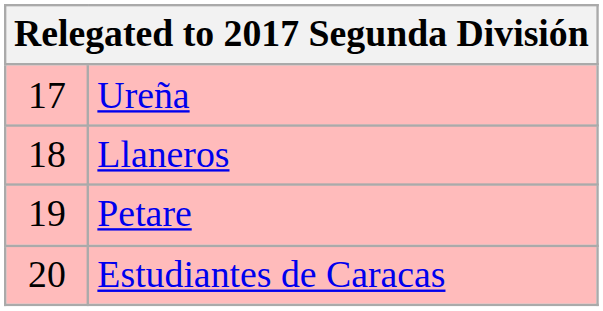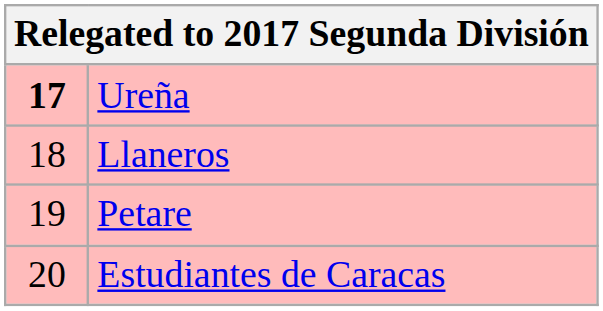 <table class="wikitable">
 <tr>
 <th colspan=2>Relegated to 2017 Segunda División</th>
 </tr>
 <tr bgcolor=#FFBBBB>
-<td width=28 align=center>17</td>
+<td width=28 align=center><strong>17</strong></td>
 <td><a href='#'>Ureña</a></td>
 </tr>
 <tr bgcolor=#FFBBBB>
 <td width=28 align=center>18</td>
 <td><a href='#'>Llaneros</a></td>
 </tr>
 <tr bgcolor=#FFBBBB>
 <td width=28 align=center>19</td>
 <td><a href='#'>Petare</a></td>
 </tr>
 <tr bgcolor=#FFBBBB>
 <td width=28 align=center>20</td>
 <td><a href='#'>Estudiantes de Caracas</a></td>
 </tr>
 </table>
